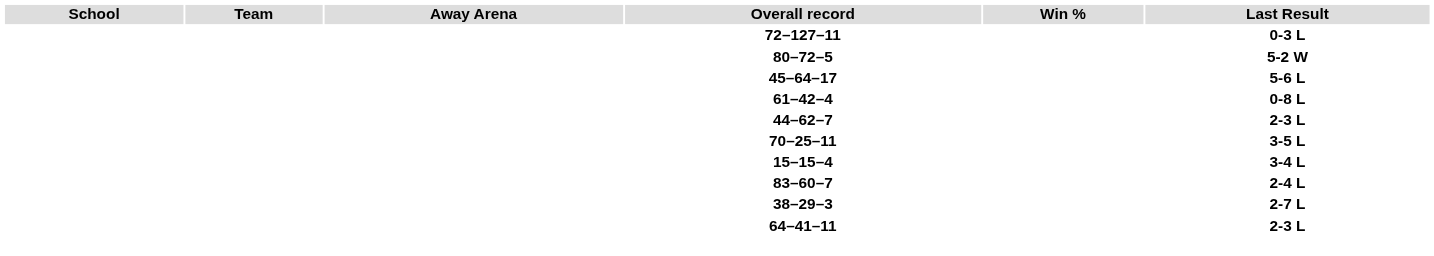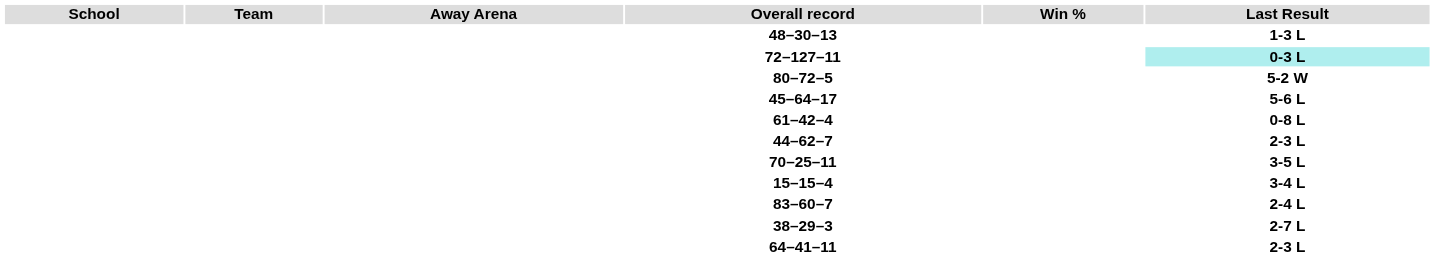 <table width="75%">
 <tr align="center"  bgcolor="#dddddd">
 <th>School</th>
 <th>Team</th>
 <th>Away Arena</th>
 <th>Overall record</th>
 <th>Win %</th>
 <th>Last Result</th>
 </tr>
 <tr align="center">
 <td><strong><a href='#'></a></strong></td>
 <td><strong><a href='#'></a></strong></td>
 <td><strong><a href='#'></a> </strong></td>
+<td><strong>48–30–13</strong></td>
+<td><strong></strong></td>
+<td><strong>1-3 L</strong></td>
+</tr>
+<tr align="center">
+<td><strong><a href='#'></a></strong></td>
+<td><strong><a href='#'></a></strong></td>
+<td><strong><a href='#'></a> </strong></td>
 <td><strong>72–127–11</strong></td>
 <td><strong></strong></td>
-<td><strong>0-3 L</strong></td>
+<td style="background: paleturquoise;"><strong>0-3 L</strong></td>
 </tr>
 <tr align="center">
 <td><strong><a href='#'></a></strong></td>
 <td><strong><a href='#'></a></strong></td>
 <td><strong><a href='#'></a> </strong></td>
 <td><strong>80–72–5</strong></td>
 <td><strong></strong></td>
 <td><strong>5-2 W</strong></td>
 </tr>
 <tr align="center">
 <td><strong><a href='#'></a></strong></td>
 <td><strong><a href='#'></a></strong></td>
 <td><strong><a href='#'></a> </strong></td>
 <td><strong>45–64–17</strong></td>
 <td><strong></strong></td>
 <td><strong>5-6 L</strong></td>
 </tr>
 <tr align="center">
 <td><strong><a href='#'></a></strong></td>
 <td><strong><a href='#'></a></strong></td>
 <td><strong><a href='#'></a></strong></td>
 <td><strong>61–42–4</strong></td>
 <td><strong></strong></td>
 <td><strong>0-8 L</strong></td>
 </tr>
 <tr align="center">
 <td><strong><a href='#'></a></strong></td>
 <td><strong><a href='#'></a></strong></td>
 <td><strong><a href='#'></a></strong></td>
 <td><strong>44–62–7</strong></td>
 <td><strong></strong></td>
 <td><strong>2-3 L</strong></td>
 </tr>
 <tr align="center">
 <td><strong><a href='#'></a></strong></td>
 <td><strong><a href='#'></a></strong></td>
 <td><strong><a href='#'></a></strong></td>
 <td><strong>70–25–11</strong></td>
 <td><strong></strong></td>
 <td><strong>3-5 L</strong></td>
 </tr>
 <tr align="center">
 <td><strong><a href='#'></a></strong></td>
 <td><strong><a href='#'></a></strong></td>
 <td><strong><a href='#'></a></strong></td>
 <td><strong>15–15–4</strong></td>
 <td><strong></strong></td>
 <td><strong>3-4 L</strong></td>
 </tr>
 <tr align="center">
 <td><strong><a href='#'></a></strong></td>
 <td><strong><a href='#'></a></strong></td>
 <td><strong><a href='#'></a></strong></td>
 <td><strong>83–60–7</strong></td>
 <td><strong></strong></td>
 <td><strong>2-4 L</strong></td>
 </tr>
 <tr align="center">
 <td><strong><a href='#'></a></strong></td>
 <td><strong><a href='#'></a></strong></td>
 <td><strong><a href='#'></a></strong></td>
 <td><strong>38–29–3</strong></td>
 <td><strong></strong></td>
 <td><strong>2-7 L</strong></td>
 </tr>
 <tr align="center">
 <td><strong><a href='#'></a></strong></td>
 <td><strong><a href='#'></a></strong></td>
 <td><strong><a href='#'></a></strong></td>
 <td><strong>64–41–11</strong></td>
 <td><strong></strong></td>
 <td><strong>2-3 L</strong></td>
 </tr>
 </table>
